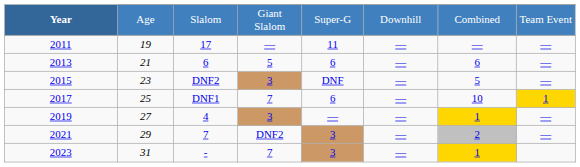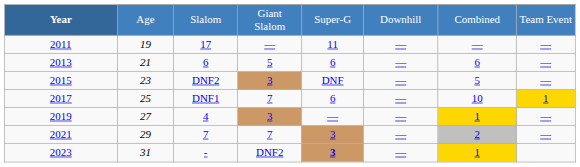 <table class="wikitable" style="font-size:95%; text-align:center; border:grey solid 1px; border-collapse:collapse;" width="40%">
 <tr style="background-color:#369; color:white;">
 <td rowspan="2" colspan="1" width="10%"><strong>Year</strong></td>
 </tr>
 <tr style="background-color:#4180be; color:white;">
 <td width="5%">Age</td>
 <td width="5%">Slalom</td>
 <td width="5%">Giant<br>Slalom</td>
 <td width="5%">Super-G</td>
 <td width="5%">Downhill</td>
 <td width="5%">Combined</td>
 <td width="5%">Team Event</td>
 </tr>
 <tr style="background-color:#8CB2D8; color:white;">
 </tr>
 <tr>
 <td><a href='#'>2011</a></td>
 <td><em>19</em></td>
 <td><a href='#'>17</a></td>
 <td><a href='#'>—</a></td>
 <td><a href='#'>11</a></td>
 <td><a href='#'>—</a></td>
 <td><a href='#'>—</a></td>
 <td><a href='#'>—</a></td>
 </tr>
 <tr>
 <td><a href='#'>2013</a></td>
 <td><em>21</em></td>
 <td><a href='#'>6</a></td>
 <td><a href='#'>5</a></td>
 <td><a href='#'>6</a></td>
 <td><a href='#'>—</a></td>
 <td><a href='#'>6</a></td>
 <td><a href='#'>—</a></td>
 </tr>
 <tr>
 <td><a href='#'>2015</a></td>
 <td><em>23</em></td>
 <td><a href='#'>DNF2</a></td>
 <td style="background:#c96;"><a href='#'>3</a></td>
 <td><a href='#'>DNF</a></td>
 <td><a href='#'>—</a></td>
 <td><a href='#'>5</a></td>
 <td><a href='#'>—</a></td>
 </tr>
 <tr>
 <td><a href='#'>2017</a></td>
 <td><em>25</em></td>
 <td><a href='#'>DNF1</a></td>
 <td><a href='#'>7</a></td>
 <td><a href='#'>6</a></td>
 <td><a href='#'>—</a></td>
 <td><a href='#'>10</a></td>
 <td style="background:gold;"><a href='#'>1</a></td>
 </tr>
 <tr>
 <td><a href='#'>2019</a></td>
 <td><em>27</em></td>
 <td><a href='#'>4</a></td>
 <td style="background:#c96;"><a href='#'>3</a></td>
 <td><a href='#'>—</a></td>
 <td><a href='#'>—</a></td>
 <td style="background:gold;"><a href='#'>1</a></td>
 <td><a href='#'>—</a></td>
 </tr>
 <tr>
 <td><a href='#'>2021</a></td>
 <td><em>29</em></td>
 <td><a href='#'>7</a></td>
-<td><a href='#'>DNF2</a></td>
+<td><a href='#'>7</a></td>
 <td style="background:#cc9866;"><a href='#'>3</a></td>
 <td><a href='#'>—</a></td>
 <td style="background:silver;"><a href='#'>2</a></td>
 <td><a href='#'>—</a></td>
 </tr>
 <tr>
 <td><a href='#'>2023</a></td>
 <td><em>31</em></td>
 <td><a href='#'>-</a></td>
-<td><a href='#'>7</a></td>
-<td style="background:#cc9866;"><a href='#'>3</a></td>
+<td><a href='#'>DNF2</a></td>
+<td style="background:#cc9866;"><strong><a href='#'>3</a></strong></td>
 <td><a href='#'>—</a></td>
 <td style="background:gold;"><a href='#'>1</a></td>
 <td></td>
 </tr>
 </table>
